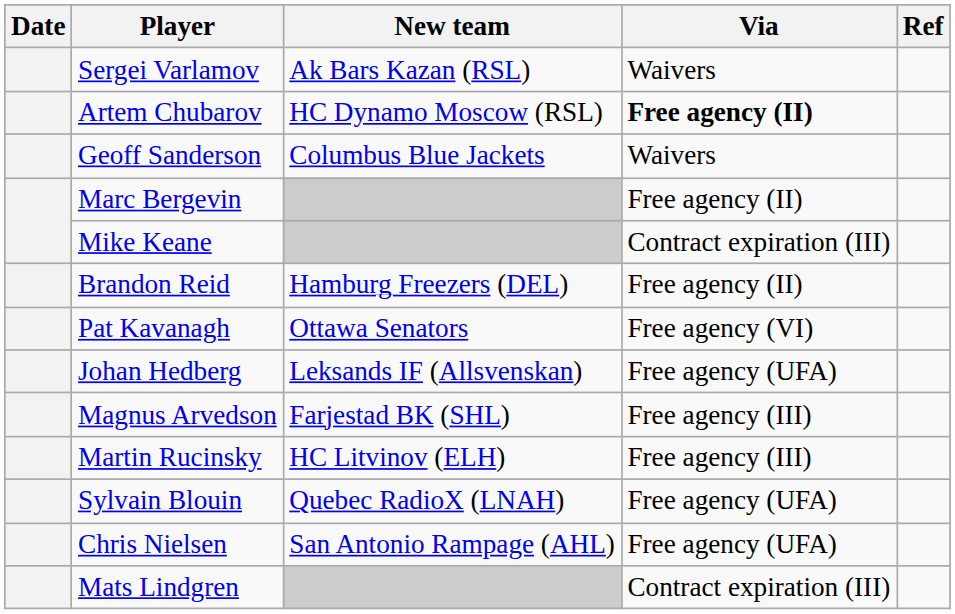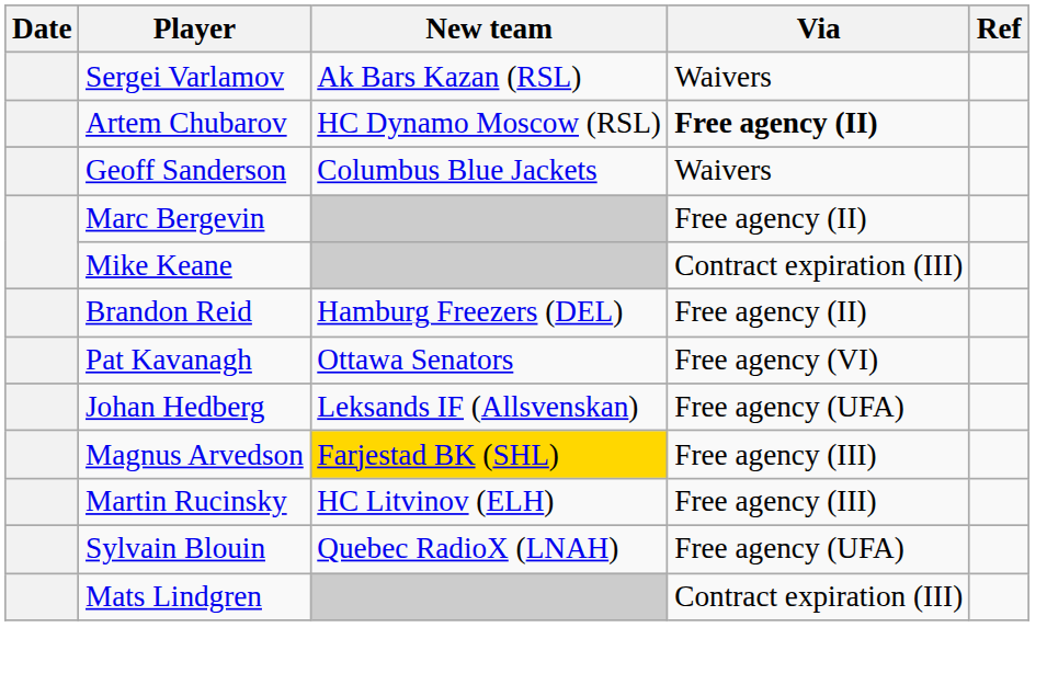 <table class="wikitable plainrowheaders">
 <tr style="background:#ddd; text-align:center;">
 <th>Date</th>
 <th>Player</th>
 <th>New team</th>
 <th>Via</th>
 <th>Ref</th>
 </tr>
 <tr>
 <th scope="row"></th>
 <td><a href='#'>Sergei Varlamov</a></td>
 <td><a href='#'>Ak Bars Kazan</a> (<a href='#'>RSL</a>)</td>
 <td>Waivers</td>
 <td></td>
 </tr>
 <tr>
 <th scope="row"></th>
 <td><a href='#'>Artem Chubarov</a></td>
 <td><a href='#'>HC Dynamo Moscow</a> (RSL)</td>
 <td><strong>Free agency (II)</strong></td>
 <td></td>
 </tr>
 <tr>
 <th scope="row"></th>
 <td><a href='#'>Geoff Sanderson</a></td>
 <td><a href='#'>Columbus Blue Jackets</a></td>
 <td>Waivers</td>
 <td></td>
 </tr>
 <tr>
 <th scope="row" rowspan=2></th>
 <td><a href='#'>Marc Bergevin</a></td>
 <td style="background:#ccc"></td>
 <td>Free agency (II)</td>
 <td></td>
 </tr>
 <tr>
 <td><a href='#'>Mike Keane</a></td>
 <td style="background:#ccc"></td>
 <td>Contract expiration (III)</td>
 <td></td>
 </tr>
 <tr>
 <th scope="row"></th>
 <td><a href='#'>Brandon Reid</a></td>
 <td><a href='#'>Hamburg Freezers</a> (<a href='#'>DEL</a>)</td>
 <td>Free agency (II)</td>
 <td></td>
 </tr>
 <tr>
 <th scope="row"></th>
 <td><a href='#'>Pat Kavanagh</a></td>
 <td><a href='#'>Ottawa Senators</a></td>
 <td>Free agency (VI)</td>
 <td></td>
 </tr>
 <tr>
 <th scope="row"></th>
 <td><a href='#'>Johan Hedberg</a></td>
 <td><a href='#'>Leksands IF</a> (<a href='#'>Allsvenskan</a>)</td>
 <td>Free agency (UFA)</td>
 <td></td>
 </tr>
 <tr>
 <th scope="row"></th>
 <td><a href='#'>Magnus Arvedson</a></td>
-<td><a href='#'>Farjestad BK</a> (<a href='#'>SHL</a>)</td>
+<td style="background: gold;"><a href='#'>Farjestad BK</a> (<a href='#'>SHL</a>)</td>
 <td>Free agency (III)</td>
 <td></td>
 </tr>
 <tr>
 <th scope="row"></th>
 <td><a href='#'>Martin Rucinsky</a></td>
 <td><a href='#'>HC Litvinov</a> (<a href='#'>ELH</a>)</td>
 <td>Free agency (III)</td>
 <td></td>
 </tr>
 <tr>
 <th scope="row"></th>
 <td><a href='#'>Sylvain Blouin</a></td>
 <td><a href='#'>Quebec RadioX</a> (<a href='#'>LNAH</a>)</td>
 <td>Free agency (UFA)</td>
 <td></td>
 </tr>
 <tr>
 <th scope="row"></th>
-<td><a href='#'>Chris Nielsen</a></td>
-<td><a href='#'>San Antonio Rampage</a> (<a href='#'>AHL</a>)</td>
-<td>Free agency (UFA)</td>
-<td></td>
-</tr>
-<tr>
-<th scope="row"></th>
 <td><a href='#'>Mats Lindgren</a></td>
 <td style="background:#ccc"></td>
 <td>Contract expiration (III)</td>
 <td></td>
 </tr>
 </table>
